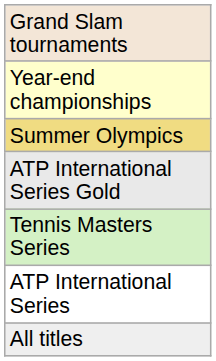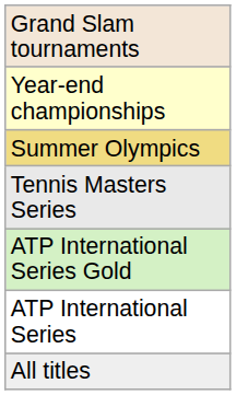 <table class=wikitable style=font-size:85% width=15%>
 <tr style="background:#f3e6d7;">
 <td>Grand Slam tournaments</td>
 </tr>
 <tr style="background:#ffc;">
 <td>Year-end championships</td>
 </tr>
 <tr bgcolor=#F0DC82>
 <td>Summer Olympics</td>
 </tr>
 <tr style="background:#e9e9e9;">
-<td>ATP International Series Gold</td>
+<td>Tennis Masters Series</td>
 </tr>
 <tr style="background:#d4f1c5;">
-<td>Tennis Masters Series</td>
+<td>ATP International Series Gold</td>
 </tr>
 <tr bgcolor=#ffffff>
 <td>ATP International Series</td>
 </tr>
 <tr style="background:#efefef;">
 <td>All titles</td>
 </tr>
 </table>
